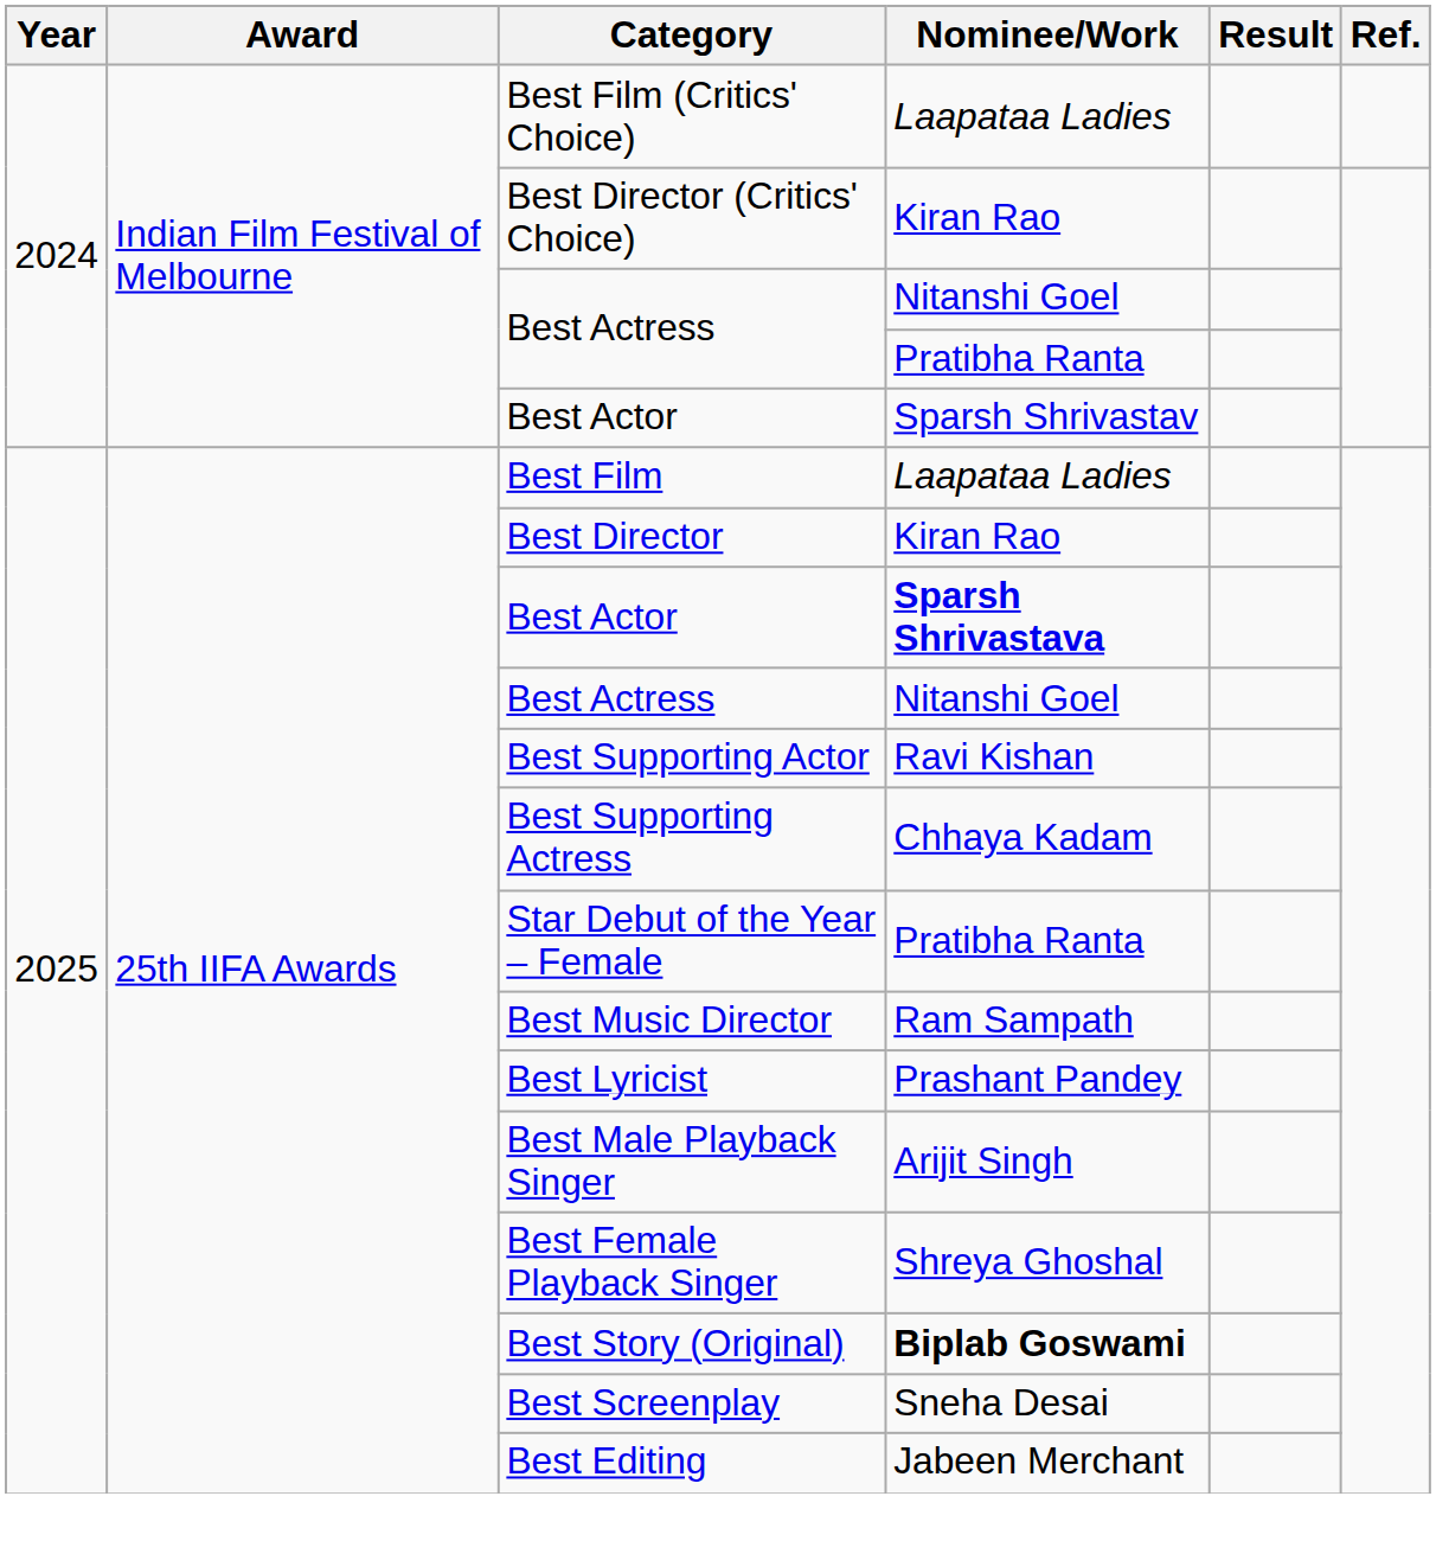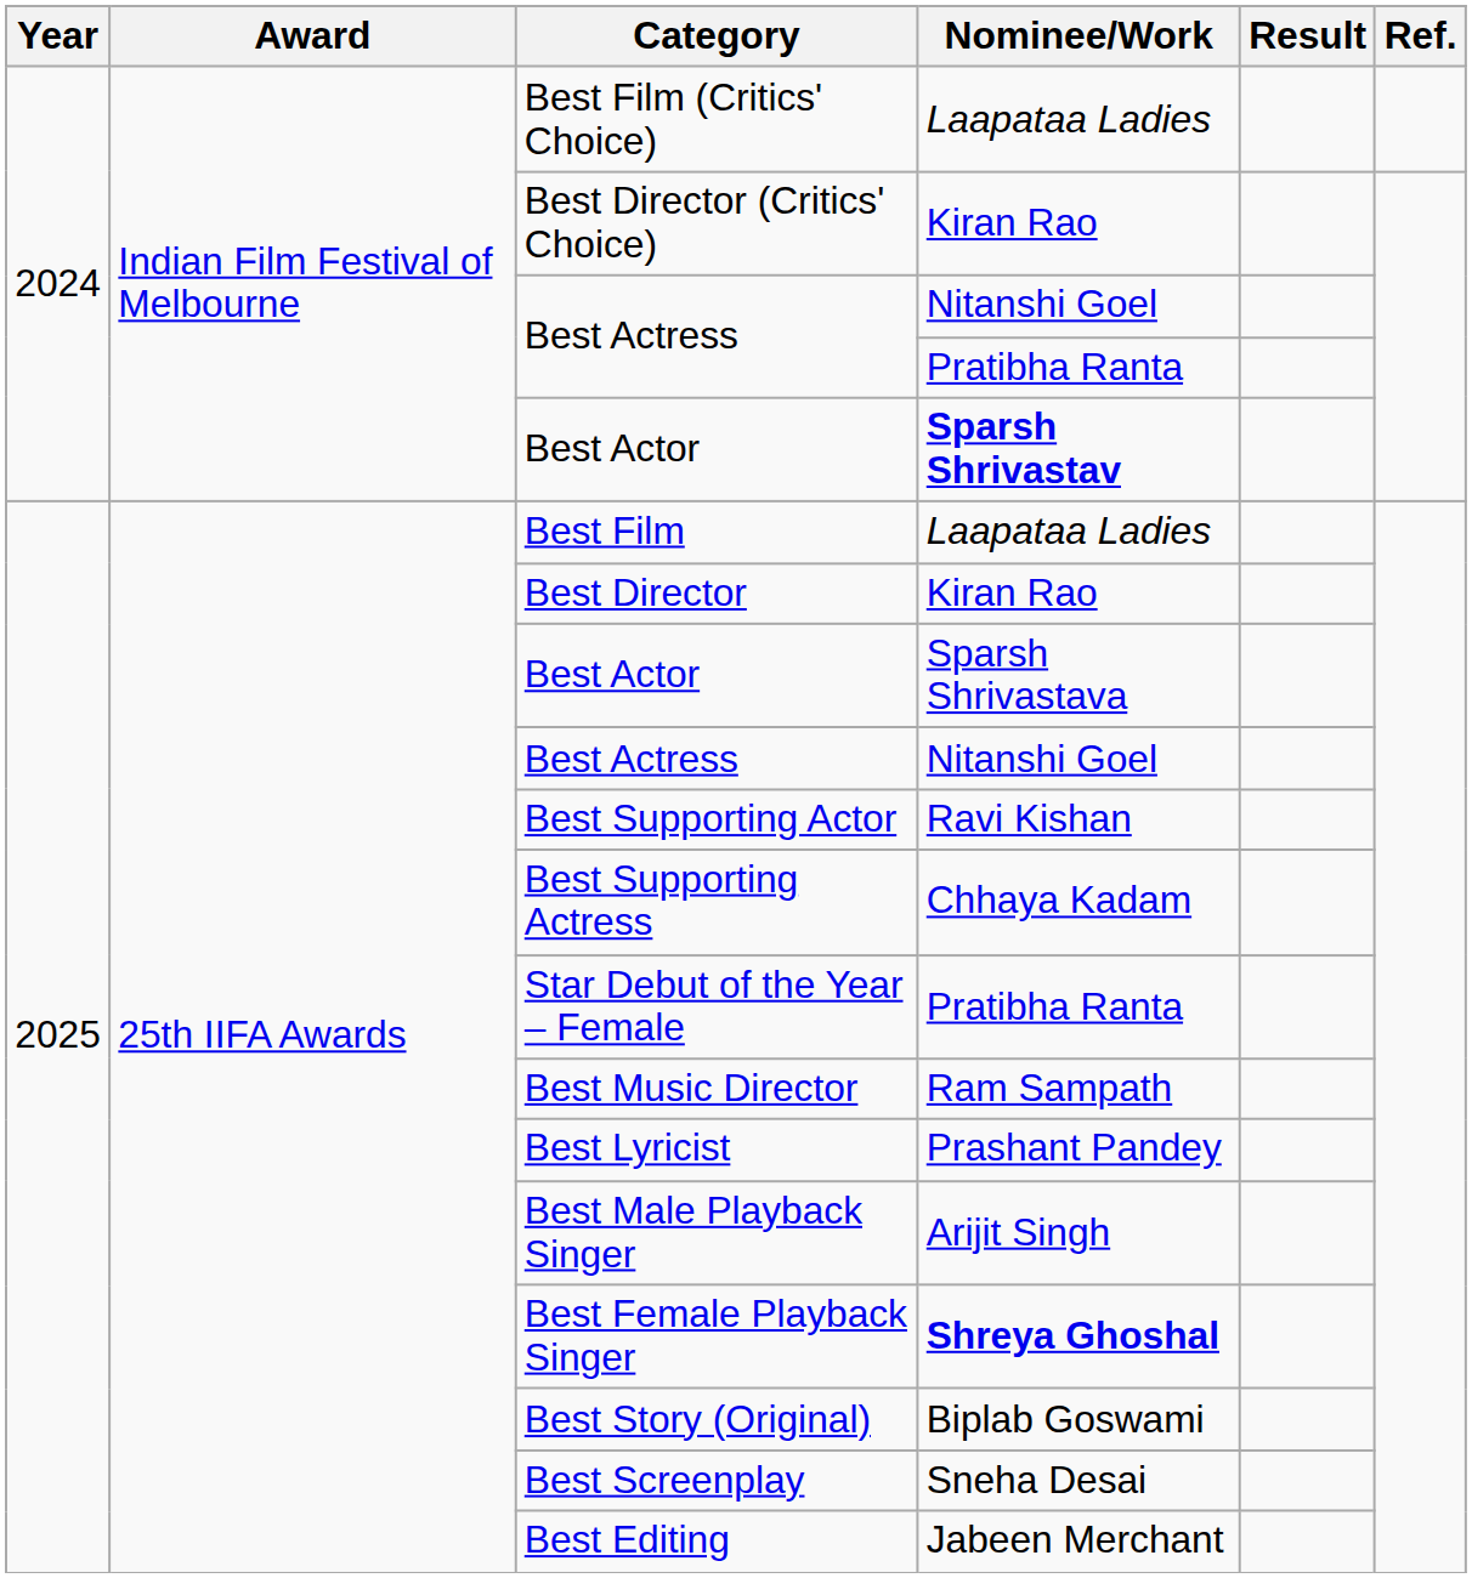 <table class="wikitable">
 <tr>
 <th>Year</th>
 <th>Award</th>
 <th>Category</th>
 <th>Nominee/Work</th>
 <th>Result</th>
 <th>Ref.</th>
 </tr>
 <tr>
 <td rowspan="5">2024</td>
 <td rowspan="5"><a href='#'>Indian Film Festival of Melbourne</a></td>
 <td>Best Film (Critics' Choice)</td>
 <td><em>Laapataa Ladies</em></td>
 <td></td>
 <td></td>
 </tr>
 <tr>
 <td>Best Director (Critics' Choice)</td>
 <td><a href='#'>Kiran Rao</a></td>
 <td></td>
 <td rowspan="4"></td>
 </tr>
 <tr>
 <td rowspan="2">Best Actress</td>
 <td><a href='#'>Nitanshi Goel</a></td>
 <td></td>
 </tr>
 <tr>
 <td><a href='#'>Pratibha Ranta</a></td>
 <td></td>
 </tr>
 <tr>
 <td>Best Actor</td>
-<td><a href='#'>Sparsh Shrivastav</a></td>
+<td><strong><a href='#'>Sparsh Shrivastav</a></strong></td>
 <td></td>
 </tr>
 <tr>
 <td rowspan="14">2025</td>
 <td rowspan="14"><a href='#'>25th IIFA Awards</a></td>
 <td><a href='#'>Best Film</a></td>
 <td><em>Laapataa Ladies</em></td>
 <td></td>
 <td rowspan="14"></td>
 </tr>
 <tr>
 <td><a href='#'>Best Director</a></td>
 <td><a href='#'>Kiran Rao</a></td>
 <td></td>
 </tr>
 <tr>
 <td><a href='#'>Best Actor</a></td>
-<td><strong><a href='#'>Sparsh Shrivastava</a></strong></td>
+<td><a href='#'>Sparsh Shrivastava</a></td>
 <td></td>
 </tr>
 <tr>
 <td><a href='#'>Best Actress</a></td>
 <td><a href='#'>Nitanshi Goel</a></td>
 <td></td>
 </tr>
 <tr>
 <td><a href='#'>Best Supporting Actor</a></td>
 <td><a href='#'>Ravi Kishan</a></td>
 <td></td>
 </tr>
 <tr>
 <td><a href='#'>Best Supporting Actress</a></td>
 <td><a href='#'>Chhaya Kadam</a></td>
 <td></td>
 </tr>
 <tr>
 <td><a href='#'>Star Debut of the Year – Female</a></td>
 <td><a href='#'>Pratibha Ranta</a></td>
 <td></td>
 </tr>
 <tr>
 <td><a href='#'>Best Music Director</a></td>
 <td><a href='#'>Ram Sampath</a></td>
 <td></td>
 </tr>
 <tr>
 <td><a href='#'>Best Lyricist</a></td>
 <td><a href='#'>Prashant Pandey</a> </td>
 <td></td>
 </tr>
 <tr>
 <td><a href='#'>Best Male Playback Singer</a></td>
 <td><a href='#'>Arijit Singh</a> </td>
 <td></td>
 </tr>
 <tr>
 <td><a href='#'>Best Female Playback Singer</a></td>
-<td><a href='#'>Shreya Ghoshal</a> </td>
+<td><strong><a href='#'>Shreya Ghoshal</a> </strong></td>
 <td></td>
 </tr>
 <tr>
 <td><a href='#'>Best Story (Original)</a></td>
-<td><strong>Biplab Goswami</strong></td>
+<td>Biplab Goswami</td>
 <td></td>
 </tr>
 <tr>
 <td><a href='#'>Best Screenplay</a></td>
 <td>Sneha Desai</td>
 <td></td>
 </tr>
 <tr>
 <td><a href='#'>Best Editing</a></td>
 <td>Jabeen Merchant</td>
 <td></td>
 </tr>
 </table>
